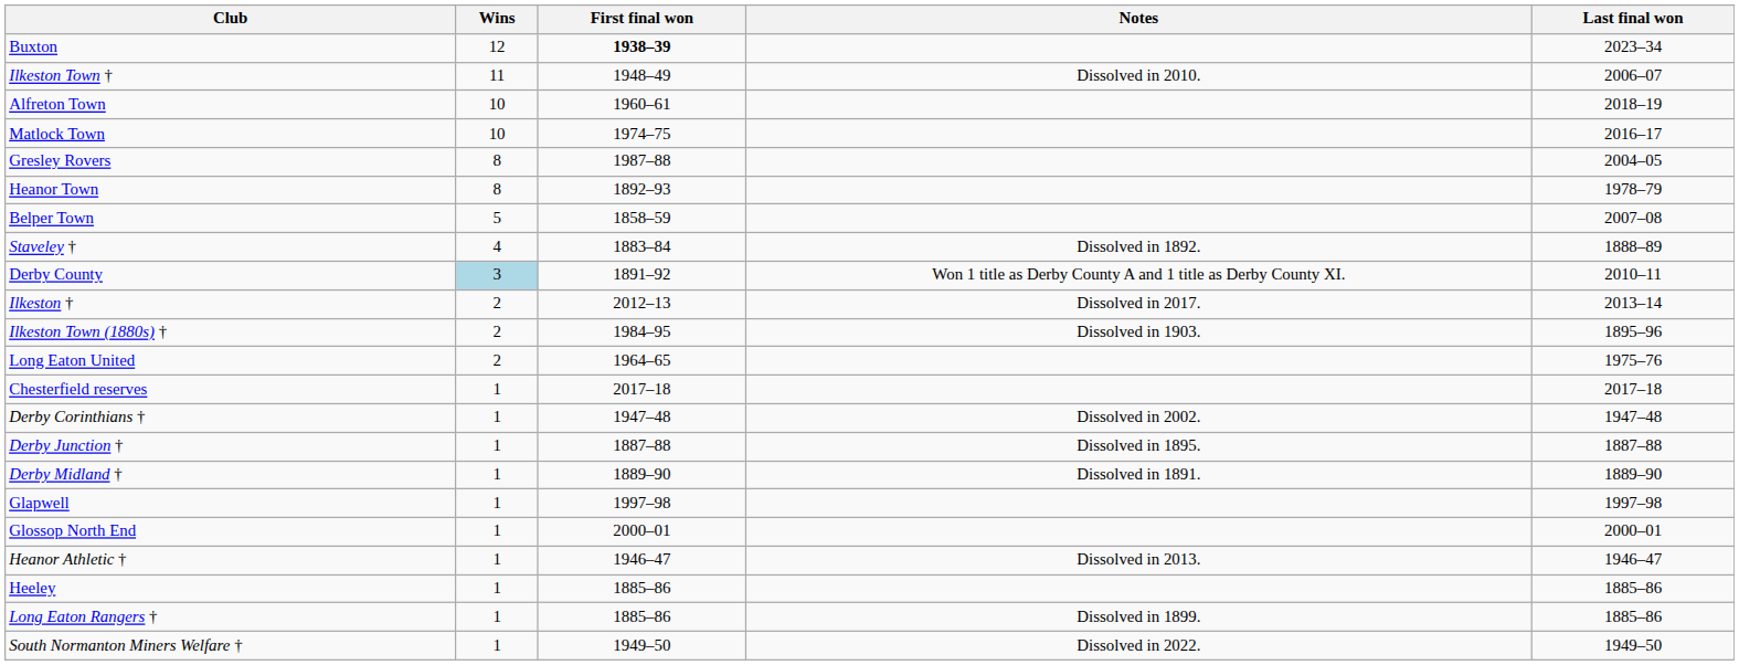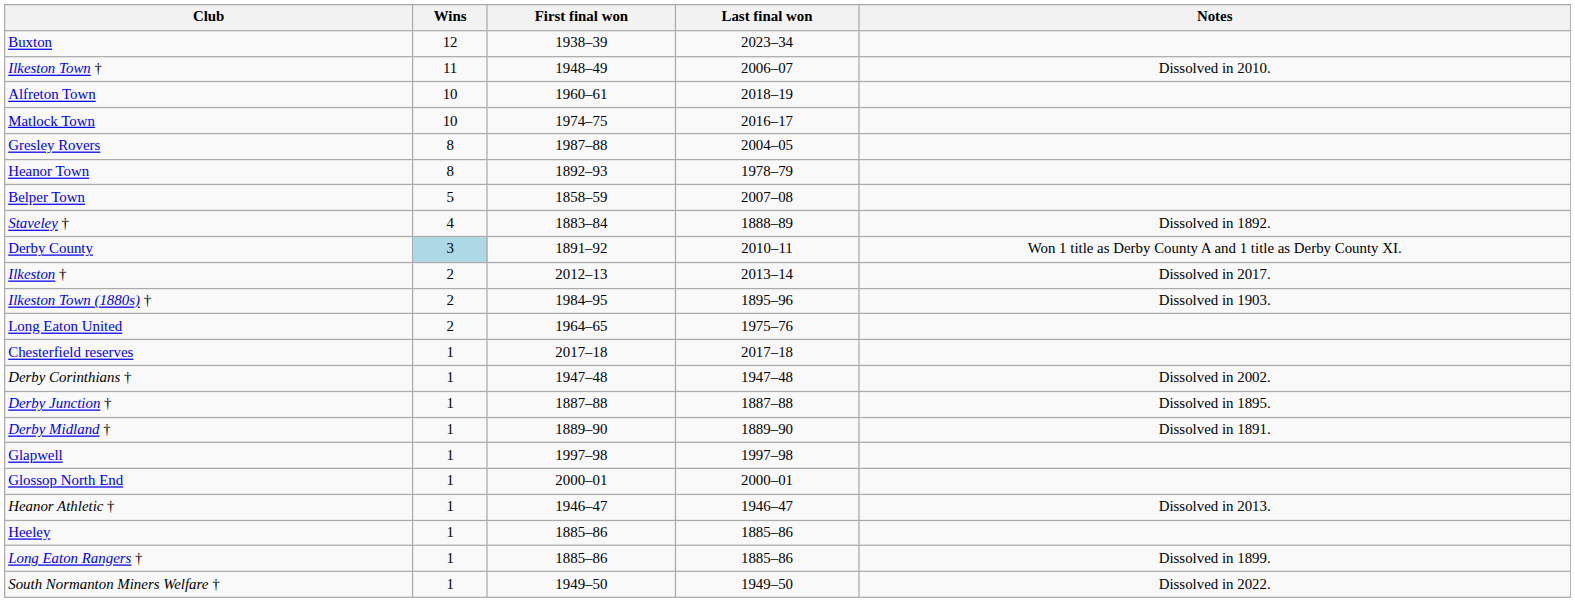 <table class="wikitable sortable" style="text-align: center; width: 100%; font-size: 12px">
 <tr>
 <th>Club</th>
 <th>Wins</th>
 <th>First final won</th>
+<th>Last final won</th>
 <th>Notes</th>
-<th>Last final won</th>
 </tr>
 <tr>
 <td style="text-align: left"><a href='#'>Buxton</a></td>
 <td>12</td>
-<td><strong>1938–39</strong></td>
+<td>1938–39</td>
+<td>2023–34</td>
 <td></td>
-<td>2023–34</td>
 </tr>
 <tr>
 <td style="text-align: left"><em><a href='#'>Ilkeston Town</a></em> †</td>
 <td>11</td>
 <td>1948–49</td>
+<td>2006–07</td>
 <td>Dissolved in 2010.</td>
-<td>2006–07</td>
 </tr>
 <tr>
 <td style="text-align: left"><a href='#'>Alfreton Town</a></td>
 <td>10</td>
 <td>1960–61</td>
+<td>2018–19</td>
 <td></td>
-<td>2018–19</td>
 </tr>
 <tr>
 <td style="text-align: left"><a href='#'>Matlock Town</a></td>
 <td>10</td>
 <td>1974–75</td>
+<td>2016–17</td>
 <td></td>
-<td>2016–17</td>
 </tr>
 <tr>
 <td style="text-align: left"><a href='#'>Gresley Rovers</a></td>
 <td>8</td>
 <td>1987–88</td>
+<td>2004–05</td>
 <td></td>
-<td>2004–05</td>
 </tr>
 <tr>
 <td style="text-align: left"><a href='#'>Heanor Town</a></td>
 <td>8</td>
 <td>1892–93</td>
+<td>1978–79</td>
 <td></td>
-<td>1978–79</td>
 </tr>
 <tr>
 <td style="text-align: left"><a href='#'>Belper Town</a></td>
 <td>5</td>
 <td>1858–59</td>
+<td>2007–08</td>
 <td></td>
-<td>2007–08</td>
 </tr>
 <tr>
 <td style="text-align: left"><em><a href='#'>Staveley</a></em> †</td>
 <td>4</td>
 <td>1883–84</td>
+<td>1888–89</td>
 <td>Dissolved in 1892.</td>
-<td>1888–89</td>
 </tr>
 <tr>
 <td style="text-align: left"><a href='#'>Derby County</a></td>
 <td style="background: lightblue;">3</td>
 <td>1891–92</td>
+<td>2010–11</td>
 <td>Won 1 title as Derby County A and 1 title as Derby County XI.</td>
-<td>2010–11</td>
 </tr>
 <tr>
 <td style="text-align: left"><em><a href='#'>Ilkeston</a></em> †</td>
 <td>2</td>
 <td>2012–13</td>
+<td>2013–14</td>
 <td>Dissolved in 2017.</td>
-<td>2013–14</td>
 </tr>
 <tr>
 <td style="text-align: left"><em><a href='#'>Ilkeston Town (1880s)</a></em> †</td>
 <td>2</td>
 <td>1984–95</td>
+<td>1895–96</td>
 <td>Dissolved in 1903.</td>
-<td>1895–96</td>
 </tr>
 <tr>
 <td style="text-align: left"><a href='#'>Long Eaton United</a></td>
 <td>2</td>
 <td>1964–65</td>
+<td>1975–76</td>
 <td></td>
-<td>1975–76</td>
 </tr>
 <tr>
 <td style="text-align: left"><a href='#'>Chesterfield reserves</a></td>
 <td>1</td>
 <td>2017–18</td>
+<td>2017–18</td>
 <td></td>
-<td>2017–18</td>
 </tr>
 <tr>
 <td style="text-align: left"><em>Derby Corinthians</em> †</td>
 <td>1</td>
 <td>1947–48</td>
+<td>1947–48</td>
 <td>Dissolved in 2002.</td>
-<td>1947–48</td>
 </tr>
 <tr>
 <td style="text-align: left"><em><a href='#'>Derby Junction</a></em> †</td>
 <td>1</td>
 <td>1887–88</td>
+<td>1887–88</td>
 <td>Dissolved in 1895.</td>
-<td>1887–88</td>
 </tr>
 <tr>
 <td style="text-align: left"><em><a href='#'>Derby Midland</a></em> †</td>
 <td>1</td>
 <td>1889–90</td>
+<td>1889–90</td>
 <td>Dissolved in 1891.</td>
-<td>1889–90</td>
 </tr>
 <tr>
 <td style="text-align: left"><a href='#'>Glapwell</a></td>
 <td>1</td>
 <td>1997–98</td>
+<td>1997–98</td>
 <td></td>
-<td>1997–98</td>
 </tr>
 <tr>
 <td style="text-align: left"><a href='#'>Glossop North End</a></td>
 <td>1</td>
 <td>2000–01</td>
+<td>2000–01</td>
 <td></td>
-<td>2000–01</td>
 </tr>
 <tr>
 <td style="text-align: left"><em>Heanor Athletic</em> †</td>
 <td>1</td>
 <td>1946–47</td>
+<td>1946–47</td>
 <td>Dissolved in 2013.</td>
-<td>1946–47</td>
 </tr>
 <tr>
 <td style="text-align: left"><a href='#'>Heeley</a></td>
 <td>1</td>
 <td>1885–86</td>
+<td>1885–86</td>
 <td></td>
-<td>1885–86</td>
 </tr>
 <tr>
 <td style="text-align: left"><em><a href='#'>Long Eaton Rangers</a></em> †</td>
 <td>1</td>
 <td>1885–86</td>
+<td>1885–86</td>
 <td>Dissolved in 1899.</td>
-<td>1885–86</td>
 </tr>
 <tr>
 <td style="text-align: left"><em>South Normanton Miners Welfare</em> †</td>
 <td>1</td>
 <td>1949–50</td>
+<td>1949–50</td>
 <td>Dissolved in 2022.</td>
-<td>1949–50</td>
 </tr>
 </table>
